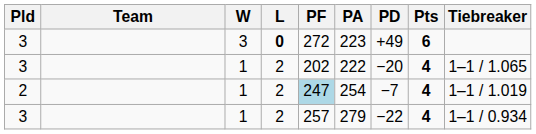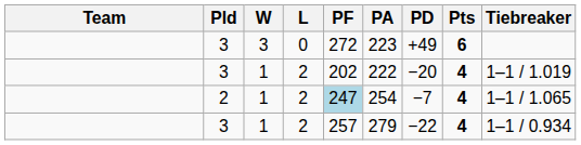 <table class=wikitable style="text-align:center">
 <tr>
+<th width=180>Team</th>
 <th width=30>Pld</th>
-<th width=180>Team</th>
 <th width=30>W</th>
 <th width=30>L</th>
 <th width=30>PF</th>
 <th width=30>PA</th>
 <th width=30>PD</th>
 <th width=30>Pts</th>
 <th width=80>Tiebreaker</th>
 </tr>
 <tr align=center>
-<td>3</td>
 <td align=left></td>
 <td>3</td>
-<td><strong>0</strong></td>
+<td>3</td>
+<td>0</td>
 <td>272</td>
 <td>223</td>
 <td>+49</td>
 <td><strong>6</strong></td>
 <td></td>
 </tr>
 <tr align=center>
+<td align=left></td>
 <td>3</td>
-<td align=left></td>
 <td>1</td>
 <td>2</td>
 <td>202</td>
 <td>222</td>
 <td>−20</td>
 <td><strong>4</strong></td>
-<td>1–1 / 1.065</td>
+<td>1–1 / 1.019</td>
 </tr>
 <tr align=center>
+<td align=left></td>
 <td>2</td>
-<td align=left></td>
 <td>1</td>
 <td>2</td>
 <td style="background: lightblue;">247</td>
 <td>254</td>
 <td>−7</td>
 <td><strong>4</strong></td>
-<td>1–1 / 1.019</td>
+<td>1–1 / 1.065</td>
 </tr>
 <tr align=center>
+<td align=left></td>
 <td>3</td>
-<td align=left></td>
 <td>1</td>
 <td>2</td>
 <td>257</td>
 <td>279</td>
 <td>−22</td>
 <td><strong>4</strong></td>
 <td>1–1 / 0.934</td>
 </tr>
 </table>
